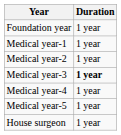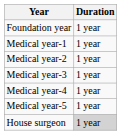 <table class="wikitable">
 <tr>
 <th>Year</th>
 <th>Duration</th>
 </tr>
 <tr>
 <td>Foundation year</td>
 <td>1 year</td>
 </tr>
 <tr>
 <td>Medical year-1</td>
 <td>1 year</td>
 </tr>
 <tr>
 <td>Medical year-2</td>
 <td>1 year</td>
 </tr>
 <tr>
 <td>Medical year-3</td>
-<td><strong>1 year</strong></td>
+<td>1 year</td>
 </tr>
 <tr>
 <td>Medical year-4</td>
 <td>1 year</td>
 </tr>
 <tr>
 <td>Medical year-5</td>
 <td>1 year</td>
 </tr>
 <tr>
 <td>House surgeon</td>
-<td>1 year</td>
+<td style="background: lightgrey;">1 year</td>
 </tr>
 </table>
